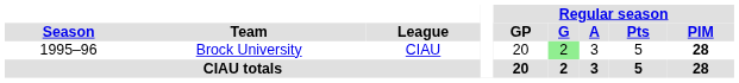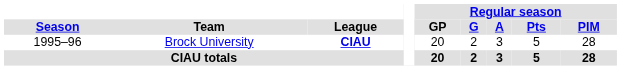 <table border="0" cellpadding="1" cellspacing="0" style="text-align:center; width:50em;">
 <tr style="background:#e0e0e0;">
 <th colspan="3"  bgcolor="#ffffff"> </th>
 <th rowspan="99" bgcolor="#ffffff"> </th>
 <th colspan="5"><a href='#'>Regular season</a></th>
 </tr>
 <tr style="background:#e0e0e0;">
 <th><a href='#'>Season</a></th>
 <th>Team</th>
 <th>League</th>
 <th>GP</th>
 <th><a href='#'>G</a></th>
 <th><a href='#'>A</a></th>
 <th><a href='#'>Pts</a></th>
 <th><a href='#'>PIM</a></th>
 </tr>
 <tr>
 <td>1995–96</td>
 <td><a href='#'>Brock University</a></td>
-<td><a href='#'>CIAU</a></td>
+<td><strong><a href='#'>CIAU</a></strong></td>
 <td>20</td>
-<td style="background: lightgreen;">2</td>
+<td>2</td>
 <td>3</td>
 <td>5</td>
-<td><strong>28</strong></td>
+<td>28</td>
 <td></td>
 </tr>
 <tr ALIGN="center" bgcolor="#e0e0e0">
 <th colspan="3">CIAU totals</th>
 <th>20</th>
 <th>2</th>
 <th>3</th>
 <th>5</th>
 <th>28</th>
 </tr>
 </table>
